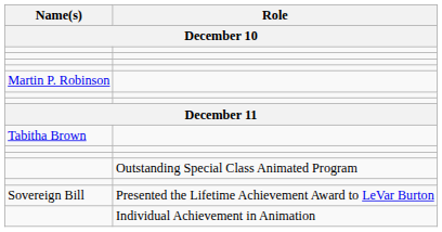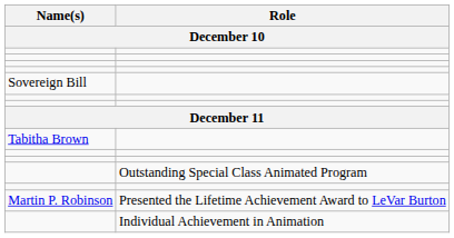 <table class="wikitable plainrowheaders sortable">
 <tr>
 <th scope="col">Name(s)</th>
 <th scope="col">Role</th>
 </tr>
 <tr>
 <th colspan="2">December 10</th>
 </tr>
 <tr>
 <td scope="row"></td>
 <td></td>
 </tr>
 <tr>
 <td scope="row"></td>
 <td></td>
 </tr>
 <tr>
 <td scope="row"></td>
 <td></td>
 </tr>
 <tr>
 <td scope="row"></td>
 <td></td>
 </tr>
 <tr>
-<td scope="row"><a href='#'>Martin P. Robinson</a></td>
+<td scope="row">Sovereign Bill</td>
 <td></td>
 </tr>
 <tr>
 <td scope="row"></td>
 <td></td>
 </tr>
 <tr>
 <td scope="row"></td>
 <td></td>
 </tr>
 <tr>
 <th colspan="2">December 11</th>
 </tr>
 <tr>
 <td scope="row"><a href='#'>Tabitha Brown</a></td>
 <td></td>
 </tr>
 <tr>
 <td scope="row"></td>
 <td></td>
 </tr>
 <tr>
 <td scope="row"></td>
 <td></td>
 </tr>
 <tr>
 <td scope="row"></td>
 <td>Outstanding Special Class Animated Program</td>
 </tr>
 <tr>
 <td scope="row"></td>
 <td></td>
 </tr>
 <tr>
-<td scope="row">Sovereign Bill</td>
+<td scope="row"><a href='#'>Martin P. Robinson</a></td>
 <td>Presented the Lifetime Achievement Award to <a href='#'>LeVar Burton</a></td>
 </tr>
 <tr>
 <td scope="row"></td>
 <td>Individual Achievement in Animation</td>
 </tr>
 </table>
